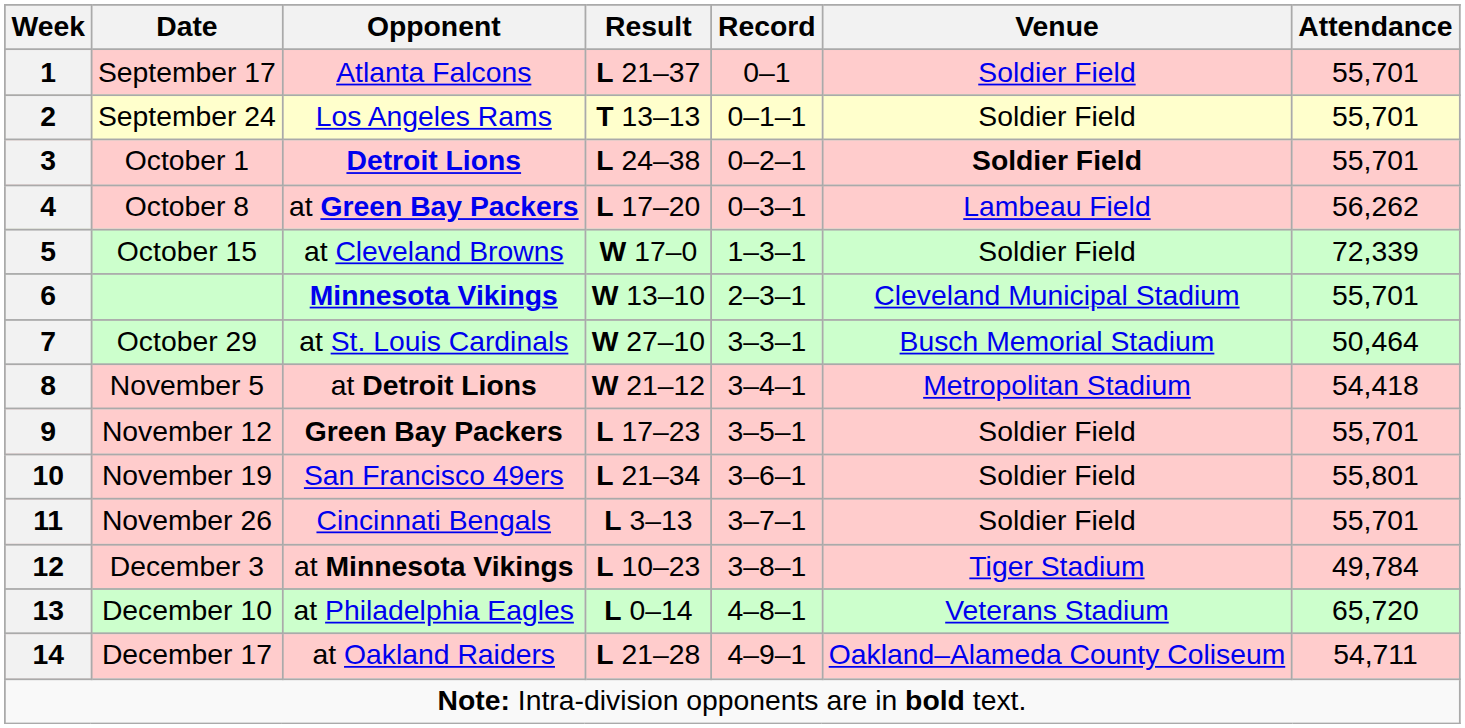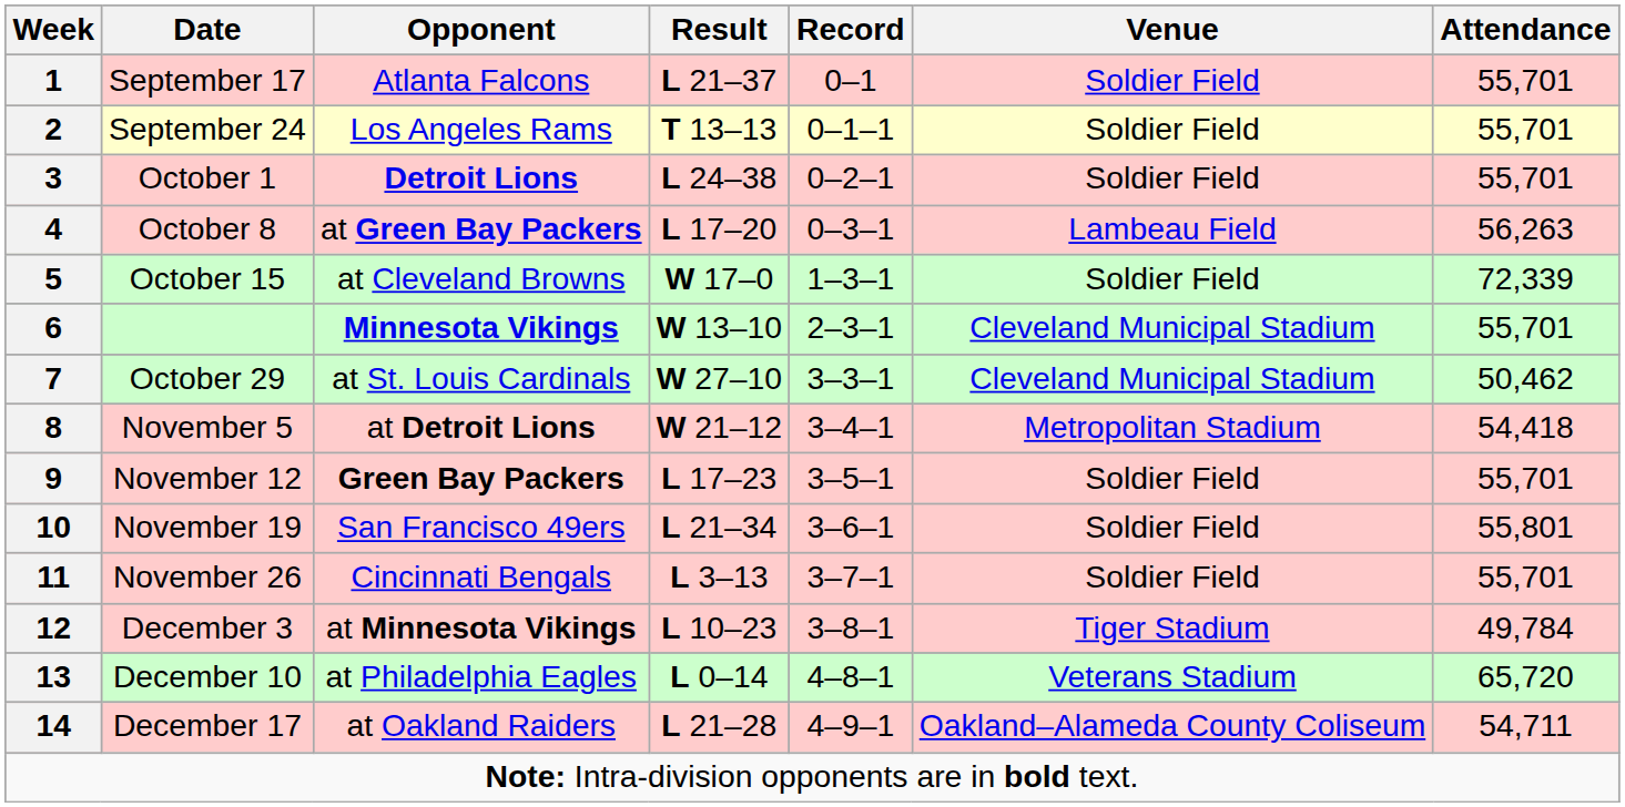 <table class="wikitable" style="text-align:center">
 <tr>
 <th>Week</th>
 <th>Date</th>
 <th>Opponent</th>
 <th>Result</th>
 <th>Record</th>
 <th>Venue</th>
 <th>Attendance</th>
 </tr>
 <tr style="background:#fcc">
 <th>1</th>
 <td>September 17</td>
 <td><a href='#'>Atlanta Falcons</a></td>
 <td><strong>L</strong> 21–37</td>
 <td>0–1</td>
 <td><a href='#'>Soldier Field</a></td>
 <td>55,701</td>
 </tr>
 <tr style="background:#ffc">
 <th>2</th>
 <td>September 24</td>
 <td><a href='#'>Los Angeles Rams</a></td>
 <td><strong>T</strong> 13–13</td>
 <td>0–1–1</td>
 <td>Soldier Field</td>
 <td>55,701</td>
 </tr>
 <tr style="background:#fcc">
 <th>3</th>
 <td>October 1</td>
 <td><strong><a href='#'>Detroit Lions</a></strong></td>
 <td><strong>L</strong> 24–38</td>
 <td>0–2–1</td>
-<td><strong>Soldier Field</strong></td>
+<td>Soldier Field</td>
 <td>55,701</td>
 </tr>
 <tr style="background:#fcc">
 <th>4</th>
 <td>October 8</td>
 <td>at <strong><a href='#'>Green Bay Packers</a></strong></td>
 <td><strong>L</strong> 17–20</td>
 <td>0–3–1</td>
 <td><a href='#'>Lambeau Field</a></td>
-<td>56,262</td>
+<td>56,263</td>
 </tr>
 <tr style="background:#cfc">
 <th>5</th>
 <td>October 15</td>
 <td>at <a href='#'>Cleveland Browns</a></td>
 <td><strong>W</strong> 17–0</td>
 <td>1–3–1</td>
 <td>Soldier Field</td>
 <td>72,339</td>
 </tr>
 <tr style="background:#cfc">
 <th>6</th>
 <td></td>
 <td><strong><a href='#'>Minnesota Vikings</a></strong></td>
 <td><strong>W</strong> 13–10</td>
 <td>2–3–1</td>
 <td><a href='#'>Cleveland Municipal Stadium</a></td>
 <td>55,701</td>
 </tr>
 <tr style="background:#cfc">
 <th>7</th>
 <td>October 29</td>
 <td>at <a href='#'>St. Louis Cardinals</a></td>
 <td><strong>W</strong> 27–10</td>
 <td>3–3–1</td>
-<td><a href='#'>Busch Memorial Stadium</a></td>
-<td>50,464</td>
+<td><a href='#'>Cleveland Municipal Stadium</a></td>
+<td>50,462</td>
 </tr>
 <tr style="background:#fcc">
 <th>8</th>
 <td>November 5</td>
 <td>at <strong>Detroit Lions</strong></td>
 <td><strong>W</strong> 21–12</td>
 <td>3–4–1</td>
 <td><a href='#'>Metropolitan Stadium</a></td>
 <td>54,418</td>
 </tr>
 <tr style="background:#fcc">
 <th>9</th>
 <td>November 12</td>
 <td><strong>Green Bay Packers</strong></td>
 <td><strong>L</strong> 17–23</td>
 <td>3–5–1</td>
 <td>Soldier Field</td>
 <td>55,701</td>
 </tr>
 <tr style="background:#fcc">
 <th>10</th>
 <td>November 19</td>
 <td><a href='#'>San Francisco 49ers</a></td>
 <td><strong>L</strong> 21–34</td>
 <td>3–6–1</td>
 <td>Soldier Field</td>
 <td>55,801</td>
 </tr>
 <tr style="background:#fcc">
 <th>11</th>
 <td>November 26</td>
 <td><a href='#'>Cincinnati Bengals</a></td>
 <td><strong>L</strong> 3–13</td>
 <td>3–7–1</td>
 <td>Soldier Field</td>
 <td>55,701</td>
 </tr>
 <tr style="background:#fcc">
 <th>12</th>
 <td>December 3</td>
 <td>at <strong>Minnesota Vikings</strong></td>
 <td><strong>L</strong> 10–23</td>
 <td>3–8–1</td>
 <td><a href='#'>Tiger Stadium</a></td>
 <td>49,784</td>
 </tr>
 <tr style="background:#cfc">
 <th>13</th>
 <td>December 10</td>
 <td>at <a href='#'>Philadelphia Eagles</a></td>
 <td><strong>L</strong> 0–14</td>
 <td>4–8–1</td>
 <td><a href='#'>Veterans Stadium</a></td>
 <td>65,720</td>
 </tr>
 <tr style="background:#fcc">
 <th>14</th>
 <td>December 17</td>
 <td>at <a href='#'>Oakland Raiders</a></td>
 <td><strong>L</strong> 21–28</td>
 <td>4–9–1</td>
 <td><a href='#'>Oakland–Alameda County Coliseum</a></td>
 <td>54,711</td>
 </tr>
 <tr>
 <td colspan="8"><strong>Note:</strong> Intra-division opponents are in <strong>bold</strong> text.</td>
 </tr>
 </table>
